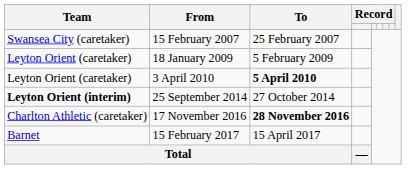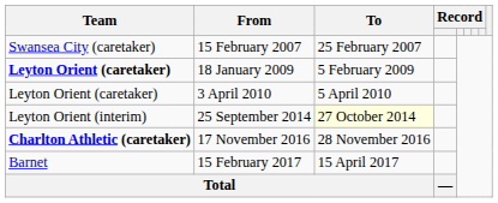 <table class=wikitable style="text-align: center;">
 <tr>
 <th rowspan=2>Team</th>
 <th rowspan=2>From</th>
 <th rowspan=2>To</th>
 <th colspan=5>Record</th>
 <th rowspan=2></th>
 </tr>
 <tr>
 <th></th>
 <th></th>
 <th></th>
 <th></th>
 <th></th>
 </tr>
 <tr>
 <td align=left><a href='#'>Swansea City</a> (caretaker)</td>
 <td align=left>15 February 2007</td>
 <td align=left>25 February 2007<br></td>
 <td></td>
 </tr>
 <tr>
-<td align=left><a href='#'>Leyton Orient</a> (caretaker)</td>
+<td align=left><strong><a href='#'>Leyton Orient</a> (caretaker)</strong></td>
 <td align=left>18 January 2009</td>
 <td align=left>5 February 2009<br></td>
 <td></td>
 </tr>
 <tr>
 <td align=left>Leyton Orient (caretaker)</td>
 <td align=left>3 April 2010</td>
-<td align=left><strong>5 April 2010<br></strong></td>
+<td align=left>5 April 2010<br></td>
 <td></td>
 </tr>
 <tr>
-<td align=left><strong>Leyton Orient (interim)</strong></td>
+<td align=left>Leyton Orient (interim)</td>
 <td align=left>25 September 2014</td>
-<td align=left>27 October 2014<br></td>
+<td align=left style="background: lightyellow;">27 October 2014<br></td>
 <td></td>
 </tr>
 <tr>
-<td align=left><a href='#'>Charlton Athletic</a> (caretaker)</td>
+<td align=left><strong><a href='#'>Charlton Athletic</a> (caretaker)</strong></td>
 <td align=left>17 November 2016</td>
-<td align=left><strong>28 November 2016<br></strong></td>
+<td align=left>28 November 2016<br></td>
 <td></td>
 </tr>
 <tr>
 <td align=left><a href='#'>Barnet</a></td>
 <td align=left>15 February 2017</td>
 <td align=left>15 April 2017<br></td>
 <td></td>
 </tr>
 <tr>
 <th colspan=3>Total<br></th>
 <th>—</th>
 </tr>
 </table>
